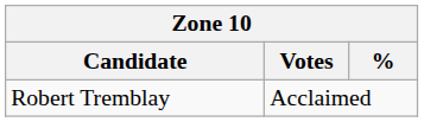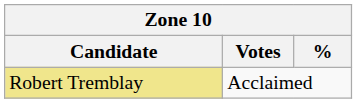 <table class="wikitable">
 <tr>
 <th colspan="3">Zone 10</th>
 </tr>
 <tr>
 <th style="width: 170px">Candidate</th>
 <th style="width: 50px">Votes</th>
 <th style="width: 40px">%</th>
 </tr>
 <tr>
-<td>Robert Tremblay</td>
+<td style="background: khaki;">Robert Tremblay</td>
 <td colspan="2">Acclaimed</td>
 </tr>
 </table>
